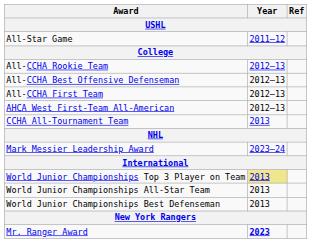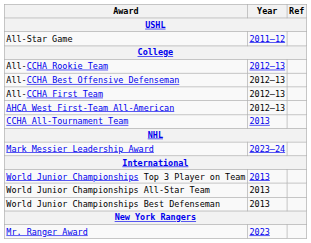 <table class="wikitable">
 <tr>
 <th>Award</th>
 <th>Year</th>
 <th>Ref</th>
 </tr>
 <tr>
 <th colspan="3"><a href='#'>USHL</a></th>
 </tr>
 <tr>
 <td>All-Star Game</td>
 <td><a href='#'>2011–12</a></td>
 <td></td>
 </tr>
 <tr>
 <th colspan="3"><a href='#'>College</a></th>
 </tr>
 <tr>
 <td>All-<a href='#'>CCHA Rookie Team</a></td>
 <td><a href='#'>2012–13</a></td>
 <td></td>
 </tr>
 <tr>
 <td>All-<a href='#'>CCHA Best Offensive Defenseman</a></td>
 <td>2012–13</td>
 <td></td>
 </tr>
 <tr>
 <td>All-<a href='#'>CCHA First Team</a></td>
 <td>2012–13</td>
 <td></td>
 </tr>
 <tr>
 <td><a href='#'>AHCA West First-Team All-American</a></td>
 <td>2012–13</td>
 <td></td>
 </tr>
 <tr>
 <td><a href='#'>CCHA All-Tournament Team</a></td>
 <td><a href='#'>2013</a></td>
 <td></td>
 </tr>
 <tr>
 <th colspan="3"><a href='#'>NHL</a></th>
 </tr>
 <tr>
 <td><a href='#'>Mark Messier Leadership Award</a></td>
 <td><a href='#'>2023–24</a></td>
 <td></td>
 </tr>
 <tr>
 <th colspan="3"><a href='#'>International</a></th>
 </tr>
 <tr>
 <td><a href='#'>World Junior Championships</a> Top 3 Player on Team</td>
-<td style="background: khaki;"><a href='#'>2013</a></td>
+<td><a href='#'>2013</a></td>
 <td></td>
 </tr>
 <tr>
 <td>World Junior Championships All-Star Team</td>
 <td>2013</td>
 <td></td>
 </tr>
 <tr>
 <td>World Junior Championships Best Defenseman</td>
 <td>2013</td>
 <td></td>
 </tr>
 <tr>
 <th colspan="3"><a href='#'>New York Rangers</a></th>
 </tr>
 <tr>
 <td><a href='#'>Mr. Ranger Award</a></td>
-<td><strong><a href='#'>2023</a></strong></td>
+<td><a href='#'>2023</a></td>
 <td></td>
 </tr>
 </table>
